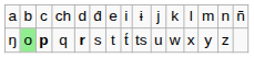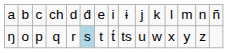 <table class="wikitable" style="text-align: center;">
 <tr>
 <td>a</td>
 <td>b</td>
 <td>c</td>
 <td>ch</td>
 <td>d</td>
 <td>d́</td>
 <td>e</td>
 <td>i</td>
 <td>ɨ</td>
 <td>j</td>
 <td>k</td>
 <td>l</td>
 <td>m</td>
 <td>n</td>
 <td>ñ</td>
 </tr>
 <tr>
 <td>ŋ</td>
-<td style="background: lightgreen;">o</td>
-<td><strong>p</strong></td>
+<td>o</td>
+<td>p</td>
 <td>q</td>
-<td><strong>r</strong></td>
-<td>s</td>
+<td>r</td>
+<td style="background: lightblue;">s</td>
 <td>t</td>
 <td>t́</td>
 <td>ts</td>
 <td>u</td>
 <td>w</td>
 <td>x</td>
 <td>y</td>
 <td>z</td>
 </tr>
 </table>
